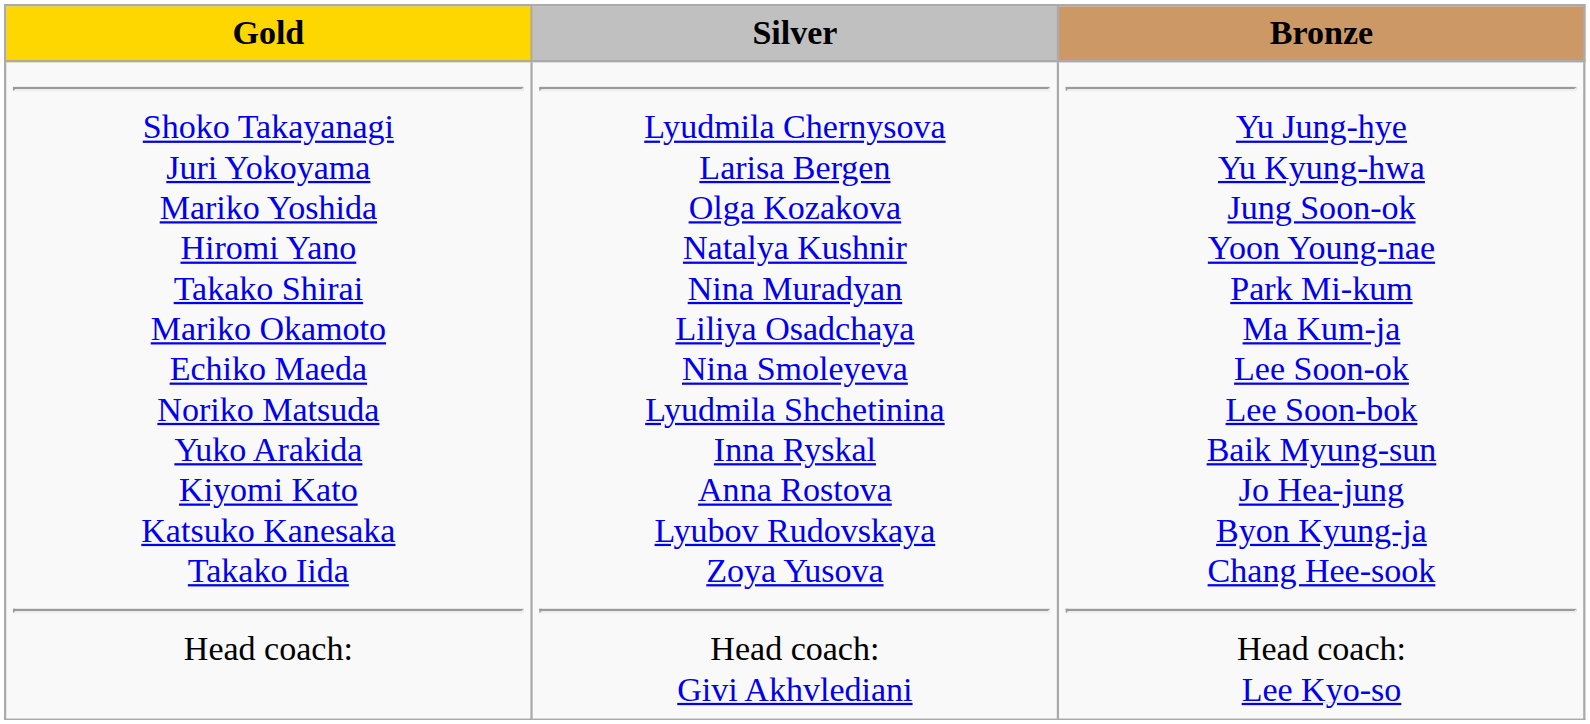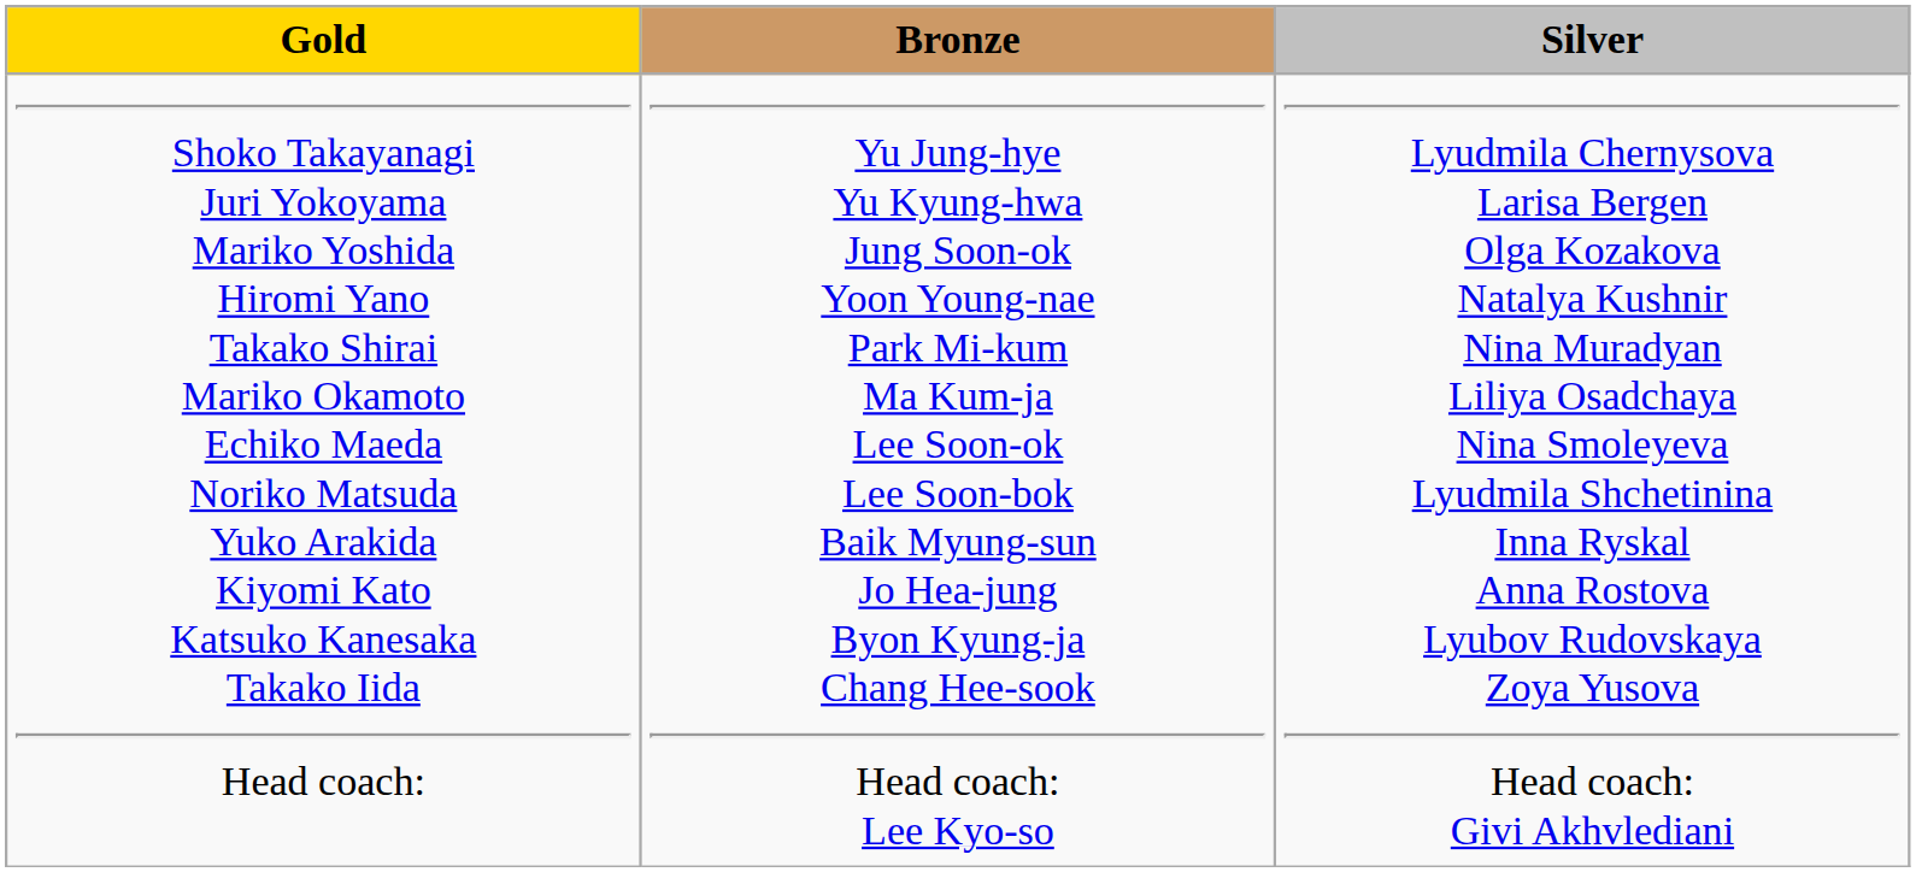 <table class="wikitable" style="font-size:95%;">
 <tr align="center">
 <th style="width:15em;background:gold">Gold</th>
+<th style="width:15em;background:#CC9966">Bronze</th>
 <th style="width:15em;background:silver">Silver</th>
-<th style="width:15em;background:#CC9966">Bronze</th>
 </tr>
 <tr valign="top">
 <td align="center"> <hr><a href='#'>Shoko Takayanagi</a><br><a href='#'>Juri Yokoyama</a><br><a href='#'>Mariko Yoshida</a><br><a href='#'>Hiromi Yano</a><br><a href='#'>Takako Shirai</a><br><a href='#'>Mariko Okamoto</a><br><a href='#'>Echiko Maeda</a><br><a href='#'>Noriko Matsuda</a><br><a href='#'>Yuko Arakida</a><br><a href='#'>Kiyomi Kato</a><br><a href='#'>Katsuko Kanesaka</a><br><a href='#'>Takako Iida</a><br><hr>Head coach:<br></td>
+<td align="center"> <hr><a href='#'>Yu Jung-hye</a><br><a href='#'>Yu Kyung-hwa</a><br><a href='#'>Jung Soon-ok</a><br><a href='#'>Yoon Young-nae</a><br><a href='#'>Park Mi-kum</a><br><a href='#'>Ma Kum-ja</a><br><a href='#'>Lee Soon-ok</a><br><a href='#'>Lee Soon-bok</a><br><a href='#'>Baik Myung-sun</a><br><a href='#'>Jo Hea-jung</a><br><a href='#'>Byon Kyung-ja</a><br><a href='#'>Chang Hee-sook</a><br><hr>Head coach:<br><a href='#'>Lee Kyo-so</a></td>
 <td align="center"> <hr><a href='#'>Lyudmila Chernysova</a><br><a href='#'>Larisa Bergen</a><br><a href='#'>Olga Kozakova</a><br><a href='#'>Natalya Kushnir</a><br><a href='#'>Nina Muradyan</a><br><a href='#'>Liliya Osadchaya</a><br><a href='#'>Nina Smoleyeva</a><br><a href='#'>Lyudmila Shchetinina</a><br><a href='#'>Inna Ryskal</a><br><a href='#'>Anna Rostova</a><br><a href='#'>Lyubov Rudovskaya</a><br><a href='#'>Zoya Yusova</a><br><hr>Head coach:<br><a href='#'>Givi Akhvlediani</a></td>
-<td align="center"> <hr><a href='#'>Yu Jung-hye</a><br><a href='#'>Yu Kyung-hwa</a><br><a href='#'>Jung Soon-ok</a><br><a href='#'>Yoon Young-nae</a><br><a href='#'>Park Mi-kum</a><br><a href='#'>Ma Kum-ja</a><br><a href='#'>Lee Soon-ok</a><br><a href='#'>Lee Soon-bok</a><br><a href='#'>Baik Myung-sun</a><br><a href='#'>Jo Hea-jung</a><br><a href='#'>Byon Kyung-ja</a><br><a href='#'>Chang Hee-sook</a><br><hr>Head coach:<br><a href='#'>Lee Kyo-so</a></td>
 </tr>
 </table>
